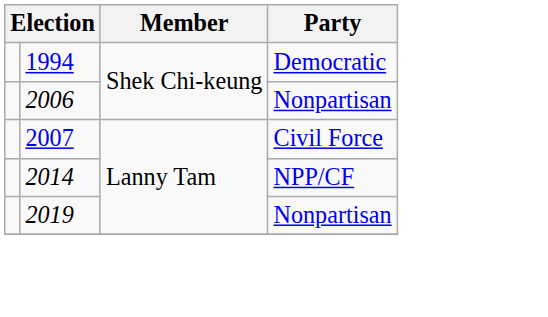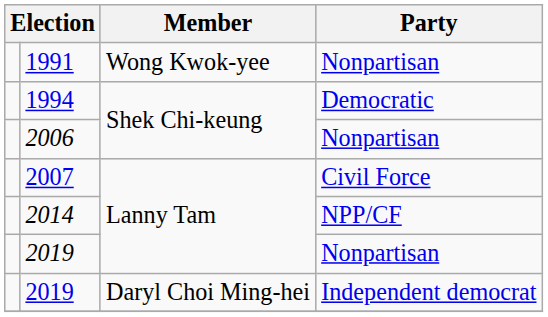 <table class="wikitable">
 <tr>
 <th colspan="2">Election</th>
 <th>Member</th>
 <th>Party</th>
+</tr>
+<tr>
+<td style="color:inherit;background:"></td>
+<td><a href='#'>1991</a></td>
+<td>Wong Kwok-yee</td>
+<td><a href='#'>Nonpartisan</a></td>
 </tr>
 <tr>
 <td style="color:inherit;background:"></td>
 <td><a href='#'>1994</a></td>
 <td rowspan=2>Shek Chi-keung</td>
 <td><a href='#'>Democratic</a></td>
 </tr>
 <tr>
 <td style="color:inherit;background:"></td>
 <td><em>2006</em></td>
 <td><a href='#'>Nonpartisan</a></td>
 </tr>
 <tr>
 <td style="color:inherit;background:"></td>
 <td><a href='#'>2007</a></td>
 <td rowspan=3>Lanny Tam</td>
 <td><a href='#'>Civil Force</a></td>
 </tr>
 <tr>
 <td style="color:inherit;background:"></td>
 <td><em>2014</em></td>
 <td><a href='#'>NPP/CF</a></td>
 </tr>
 <tr>
 <td style="color:inherit;background:"></td>
 <td><em>2019</em></td>
 <td><a href='#'>Nonpartisan</a></td>
 </tr>
 <tr>
+<td style="color:inherit;background:"></td>
+<td><a href='#'>2019</a></td>
+<td>Daryl Choi Ming-hei</td>
+<td><a href='#'>Independent democrat</a></td>
+</tr>
+<tr>
 </tr>
 </table>
